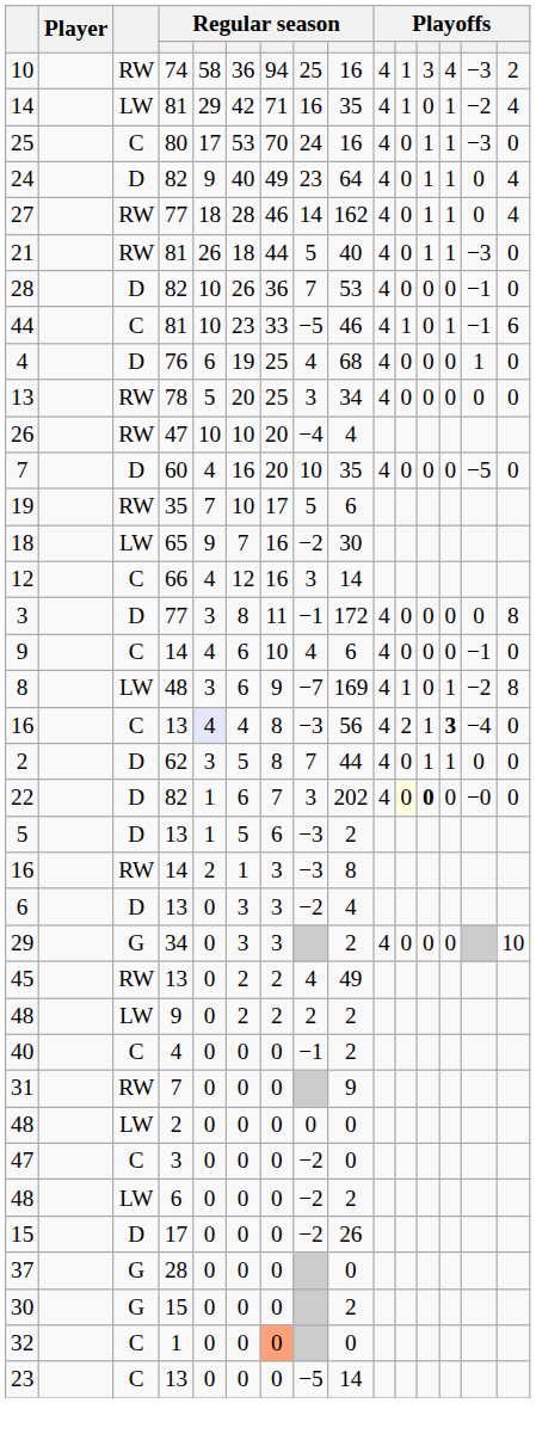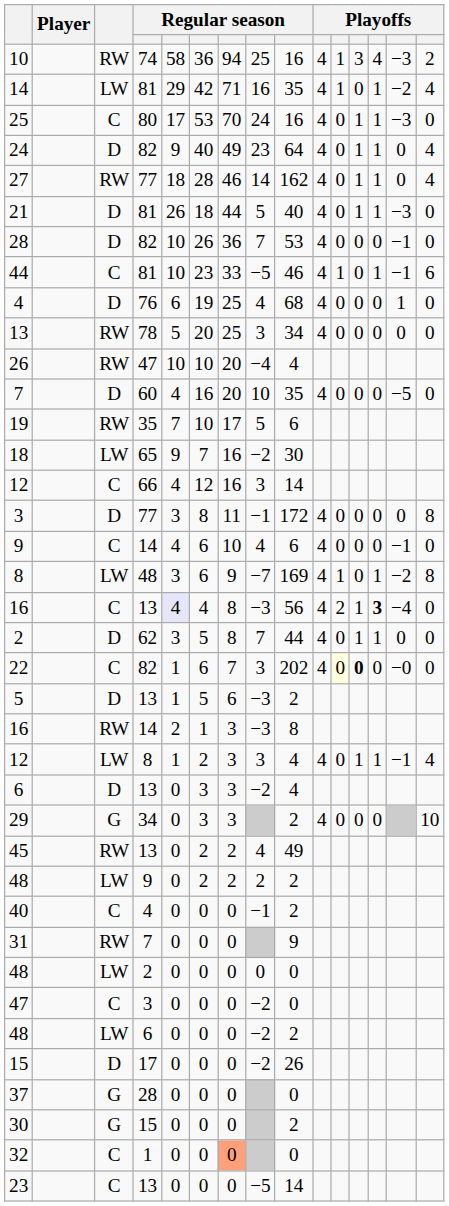 <table class="wikitable sortable plainrowheaders" style="text-align:center;">
 <tr>
 <th scope="col" data-sort-type="number" rowspan="2"></th>
 <th scope="col" rowspan="2">Player</th>
 <th scope="col" rowspan="2"></th>
 <th scope=colgroup colspan=6>Regular season</th>
 <th scope=colgroup colspan=6>Playoffs</th>
 </tr>
 <tr>
 <th scope="col" data-sort-type="number"></th>
 <th scope="col" data-sort-type="number"></th>
 <th scope="col" data-sort-type="number"></th>
 <th scope="col" data-sort-type="number"></th>
 <th scope="col" data-sort-type="number"></th>
 <th scope="col" data-sort-type="number"></th>
 <th scope="col" data-sort-type="number"></th>
 <th scope="col" data-sort-type="number"></th>
 <th scope="col" data-sort-type="number"></th>
 <th scope="col" data-sort-type="number"></th>
 <th scope="col" data-sort-type="number"></th>
 <th scope="col" data-sort-type="number"></th>
 </tr>
 <tr>
 <td scope="row">10</td>
 <td align="left"></td>
 <td>RW</td>
 <td>74</td>
 <td>58</td>
 <td>36</td>
 <td>94</td>
 <td>25</td>
 <td>16</td>
 <td>4</td>
 <td>1</td>
 <td>3</td>
 <td>4</td>
 <td>−3</td>
 <td>2</td>
 </tr>
 <tr>
 <td scope="row">14</td>
 <td align="left"></td>
 <td>LW</td>
 <td>81</td>
 <td>29</td>
 <td>42</td>
 <td>71</td>
 <td>16</td>
 <td>35</td>
 <td>4</td>
 <td>1</td>
 <td>0</td>
 <td>1</td>
 <td>−2</td>
 <td>4</td>
 </tr>
 <tr>
 <td scope="row">25</td>
 <td align="left"></td>
 <td>C</td>
 <td>80</td>
 <td>17</td>
 <td>53</td>
 <td>70</td>
 <td>24</td>
 <td>16</td>
 <td>4</td>
 <td>0</td>
 <td>1</td>
 <td>1</td>
 <td>−3</td>
 <td>0</td>
 </tr>
 <tr>
 <td scope="row">24</td>
 <td align="left"></td>
 <td>D</td>
 <td>82</td>
 <td>9</td>
 <td>40</td>
 <td>49</td>
 <td>23</td>
 <td>64</td>
 <td>4</td>
 <td>0</td>
 <td>1</td>
 <td>1</td>
 <td>0</td>
 <td>4</td>
 </tr>
 <tr>
 <td scope="row">27</td>
 <td align="left"></td>
 <td>RW</td>
 <td>77</td>
 <td>18</td>
 <td>28</td>
 <td>46</td>
 <td>14</td>
 <td>162</td>
 <td>4</td>
 <td>0</td>
 <td>1</td>
 <td>1</td>
 <td>0</td>
 <td>4</td>
 </tr>
 <tr>
 <td scope="row">21</td>
 <td align="left"></td>
-<td>RW</td>
+<td>D</td>
 <td>81</td>
 <td>26</td>
 <td>18</td>
 <td>44</td>
 <td>5</td>
 <td>40</td>
 <td>4</td>
 <td>0</td>
 <td>1</td>
 <td>1</td>
 <td>−3</td>
 <td>0</td>
 </tr>
 <tr>
 <td scope="row">28</td>
 <td align="left"></td>
 <td>D</td>
 <td>82</td>
 <td>10</td>
 <td>26</td>
 <td>36</td>
 <td>7</td>
 <td>53</td>
 <td>4</td>
 <td>0</td>
 <td>0</td>
 <td>0</td>
 <td>−1</td>
 <td>0</td>
 </tr>
 <tr>
 <td scope="row">44</td>
 <td align="left"></td>
 <td>C</td>
 <td>81</td>
 <td>10</td>
 <td>23</td>
 <td>33</td>
 <td>−5</td>
 <td>46</td>
 <td>4</td>
 <td>1</td>
 <td>0</td>
 <td>1</td>
 <td>−1</td>
 <td>6</td>
 </tr>
 <tr>
 <td scope="row">4</td>
 <td align="left"></td>
 <td>D</td>
 <td>76</td>
 <td>6</td>
 <td>19</td>
 <td>25</td>
 <td>4</td>
 <td>68</td>
 <td>4</td>
 <td>0</td>
 <td>0</td>
 <td>0</td>
 <td>1</td>
 <td>0</td>
 </tr>
 <tr>
 <td scope="row">13</td>
 <td align="left"></td>
 <td>RW</td>
 <td>78</td>
 <td>5</td>
 <td>20</td>
 <td>25</td>
 <td>3</td>
 <td>34</td>
 <td>4</td>
 <td>0</td>
 <td>0</td>
 <td>0</td>
 <td>0</td>
 <td>0</td>
 </tr>
 <tr>
 <td scope="row">26</td>
 <td align="left"></td>
 <td>RW</td>
 <td>47</td>
 <td>10</td>
 <td>10</td>
 <td>20</td>
 <td>−4</td>
 <td>4</td>
 <td></td>
 <td></td>
 <td></td>
 <td></td>
 <td></td>
 <td></td>
 </tr>
 <tr>
 <td scope="row">7</td>
 <td align="left"></td>
 <td>D</td>
 <td>60</td>
 <td>4</td>
 <td>16</td>
 <td>20</td>
 <td>10</td>
 <td>35</td>
 <td>4</td>
 <td>0</td>
 <td>0</td>
 <td>0</td>
 <td>−5</td>
 <td>0</td>
 </tr>
 <tr>
 <td scope="row">19</td>
 <td align="left"></td>
 <td>RW</td>
 <td>35</td>
 <td>7</td>
 <td>10</td>
 <td>17</td>
 <td>5</td>
 <td>6</td>
 <td></td>
 <td></td>
 <td></td>
 <td></td>
 <td></td>
 <td></td>
 </tr>
 <tr>
 <td scope="row">18</td>
 <td align="left"></td>
 <td>LW</td>
 <td>65</td>
 <td>9</td>
 <td>7</td>
 <td>16</td>
 <td>−2</td>
 <td>30</td>
 <td></td>
 <td></td>
 <td></td>
 <td></td>
 <td></td>
 <td></td>
 </tr>
 <tr>
 <td scope="row">12</td>
 <td align="left"></td>
 <td>C</td>
 <td>66</td>
 <td>4</td>
 <td>12</td>
 <td>16</td>
 <td>3</td>
 <td>14</td>
 <td></td>
 <td></td>
 <td></td>
 <td></td>
 <td></td>
 <td></td>
 </tr>
 <tr>
 <td scope="row">3</td>
 <td align="left"></td>
 <td>D</td>
 <td>77</td>
 <td>3</td>
 <td>8</td>
 <td>11</td>
 <td>−1</td>
 <td>172</td>
 <td>4</td>
 <td>0</td>
 <td>0</td>
 <td>0</td>
 <td>0</td>
 <td>8</td>
 </tr>
 <tr>
 <td scope="row">9</td>
 <td align="left"></td>
 <td>C</td>
 <td>14</td>
 <td>4</td>
 <td>6</td>
 <td>10</td>
 <td>4</td>
 <td>6</td>
 <td>4</td>
 <td>0</td>
 <td>0</td>
 <td>0</td>
 <td>−1</td>
 <td>0</td>
 </tr>
 <tr>
 <td scope="row">8</td>
 <td align="left"></td>
 <td>LW</td>
 <td>48</td>
 <td>3</td>
 <td>6</td>
 <td>9</td>
 <td>−7</td>
 <td>169</td>
 <td>4</td>
 <td>1</td>
 <td>0</td>
 <td>1</td>
 <td>−2</td>
 <td>8</td>
 </tr>
 <tr>
 <td scope="row">16</td>
 <td align="left"></td>
 <td>C</td>
 <td>13</td>
 <td style="background: lavender;">4</td>
 <td>4</td>
 <td>8</td>
 <td>−3</td>
 <td>56</td>
 <td>4</td>
 <td>2</td>
 <td>1</td>
 <td><strong>3</strong></td>
 <td>−4</td>
 <td>0</td>
 </tr>
 <tr>
 <td scope="row">2</td>
 <td align="left"></td>
 <td>D</td>
 <td>62</td>
 <td>3</td>
 <td>5</td>
 <td>8</td>
 <td>7</td>
 <td>44</td>
 <td>4</td>
 <td>0</td>
 <td>1</td>
 <td>1</td>
 <td>0</td>
 <td>0</td>
 </tr>
 <tr>
 <td scope="row">22</td>
 <td align="left"></td>
-<td>D</td>
+<td>C</td>
 <td>82</td>
 <td>1</td>
 <td>6</td>
 <td>7</td>
 <td>3</td>
 <td>202</td>
 <td>4</td>
 <td style="background: lightyellow;">0</td>
 <td><strong>0</strong></td>
 <td>0</td>
 <td>−0</td>
 <td>0</td>
 </tr>
 <tr>
 <td scope="row">5</td>
 <td align="left"></td>
 <td>D</td>
 <td>13</td>
 <td>1</td>
 <td>5</td>
 <td>6</td>
 <td>−3</td>
 <td>2</td>
 <td></td>
 <td></td>
 <td></td>
 <td></td>
 <td></td>
 <td></td>
 </tr>
 <tr>
 <td scope="row">16</td>
 <td align="left"></td>
 <td>RW</td>
 <td>14</td>
 <td>2</td>
 <td>1</td>
 <td>3</td>
 <td>−3</td>
 <td>8</td>
 <td></td>
 <td></td>
 <td></td>
 <td></td>
 <td></td>
 <td></td>
+</tr>
+<tr>
+<td scope="row">12</td>
+<td align="left"></td>
+<td>LW</td>
+<td>8</td>
+<td>1</td>
+<td>2</td>
+<td>3</td>
+<td>3</td>
+<td>4</td>
+<td>4</td>
+<td>0</td>
+<td>1</td>
+<td>1</td>
+<td>−1</td>
+<td>4</td>
 </tr>
 <tr>
 <td scope="row">6</td>
 <td align="left"></td>
 <td>D</td>
 <td>13</td>
 <td>0</td>
 <td>3</td>
 <td>3</td>
 <td>−2</td>
 <td>4</td>
 <td></td>
 <td></td>
 <td></td>
 <td></td>
 <td></td>
 <td></td>
 </tr>
 <tr>
 <td scope="row">29</td>
 <td align="left"></td>
 <td>G</td>
 <td>34</td>
 <td>0</td>
 <td>3</td>
 <td>3</td>
 <td style="background:#ccc"></td>
 <td>2</td>
 <td>4</td>
 <td>0</td>
 <td>0</td>
 <td>0</td>
 <td style="background:#ccc"></td>
 <td>10</td>
 </tr>
 <tr>
 <td scope="row">45</td>
 <td align="left"></td>
 <td>RW</td>
 <td>13</td>
 <td>0</td>
 <td>2</td>
 <td>2</td>
 <td>4</td>
 <td>49</td>
 <td></td>
 <td></td>
 <td></td>
 <td></td>
 <td></td>
 <td></td>
 </tr>
 <tr>
 <td scope="row">48</td>
 <td align="left"></td>
 <td>LW</td>
 <td>9</td>
 <td>0</td>
 <td>2</td>
 <td>2</td>
 <td>2</td>
 <td>2</td>
 <td></td>
 <td></td>
 <td></td>
 <td></td>
 <td></td>
 <td></td>
 </tr>
 <tr>
 <td scope="row">40</td>
 <td align="left"></td>
 <td>C</td>
 <td>4</td>
 <td>0</td>
 <td>0</td>
 <td>0</td>
 <td>−1</td>
 <td>2</td>
 <td></td>
 <td></td>
 <td></td>
 <td></td>
 <td></td>
 <td></td>
 </tr>
 <tr>
 <td scope="row">31</td>
 <td align="left"></td>
 <td>RW</td>
 <td>7</td>
 <td>0</td>
 <td>0</td>
 <td>0</td>
 <td style="background:#ccc"></td>
 <td>9</td>
 <td></td>
 <td></td>
 <td></td>
 <td></td>
 <td></td>
 <td></td>
 </tr>
 <tr>
 <td scope="row">48</td>
 <td align="left"></td>
 <td>LW</td>
 <td>2</td>
 <td>0</td>
 <td>0</td>
 <td>0</td>
 <td>0</td>
 <td>0</td>
 <td></td>
 <td></td>
 <td></td>
 <td></td>
 <td></td>
 <td></td>
 </tr>
 <tr>
 <td scope="row">47</td>
 <td align="left"></td>
 <td>C</td>
 <td>3</td>
 <td>0</td>
 <td>0</td>
 <td>0</td>
 <td>−2</td>
 <td>0</td>
 <td></td>
 <td></td>
 <td></td>
 <td></td>
 <td></td>
 <td></td>
 </tr>
 <tr>
 <td scope="row">48</td>
 <td align="left"></td>
 <td>LW</td>
 <td>6</td>
 <td>0</td>
 <td>0</td>
 <td>0</td>
 <td>−2</td>
 <td>2</td>
 <td></td>
 <td></td>
 <td></td>
 <td></td>
 <td></td>
 <td></td>
 </tr>
 <tr>
 <td scope="row">15</td>
 <td align="left"></td>
 <td>D</td>
 <td>17</td>
 <td>0</td>
 <td>0</td>
 <td>0</td>
 <td>−2</td>
 <td>26</td>
 <td></td>
 <td></td>
 <td></td>
 <td></td>
 <td></td>
 <td></td>
 </tr>
 <tr>
 <td scope="row">37</td>
 <td align="left"></td>
 <td>G</td>
 <td>28</td>
 <td>0</td>
 <td>0</td>
 <td>0</td>
 <td style="background:#ccc"></td>
 <td>0</td>
 <td></td>
 <td></td>
 <td></td>
 <td></td>
 <td></td>
 <td></td>
 </tr>
 <tr>
 <td scope="row">30</td>
 <td align="left"></td>
 <td>G</td>
 <td>15</td>
 <td>0</td>
 <td>0</td>
 <td>0</td>
 <td style="background:#ccc"></td>
 <td>2</td>
 <td></td>
 <td></td>
 <td></td>
 <td></td>
 <td></td>
 <td></td>
 </tr>
 <tr>
 <td scope="row">32</td>
 <td align="left"></td>
 <td>C</td>
 <td>1</td>
 <td>0</td>
 <td>0</td>
 <td style="background: lightsalmon;">0</td>
 <td style="background:#ccc"></td>
 <td>0</td>
 <td></td>
 <td></td>
 <td></td>
 <td></td>
 <td></td>
 <td></td>
 </tr>
 <tr>
 <td scope="row">23</td>
 <td align="left"></td>
 <td>C</td>
 <td>13</td>
 <td>0</td>
 <td>0</td>
 <td>0</td>
 <td>−5</td>
 <td>14</td>
 <td></td>
 <td></td>
 <td></td>
 <td></td>
 <td></td>
 <td></td>
 </tr>
 </table>
